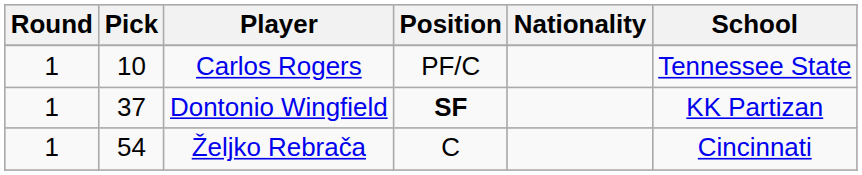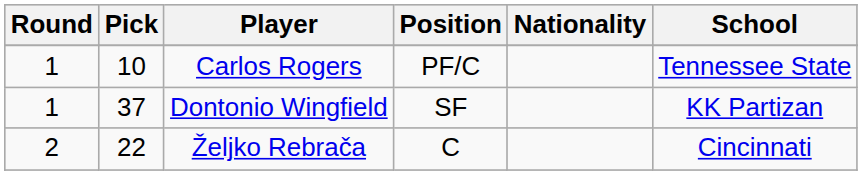 <table class="wikitable sortable sortable">
 <tr>
 <th>Round</th>
 <th>Pick</th>
 <th>Player</th>
 <th>Position</th>
 <th>Nationality</th>
 <th>School</th>
 </tr>
 <tr style="text-align: center">
 </tr>
 <tr style="text-align: center">
 <td>1</td>
 <td>10</td>
 <td><a href='#'>Carlos Rogers</a></td>
 <td>PF/C</td>
 <td></td>
 <td><a href='#'>Tennessee State</a></td>
 </tr>
 <tr style="text-align: center">
 <td>1</td>
 <td>37</td>
 <td><a href='#'>Dontonio Wingfield</a></td>
-<td><strong>SF</strong></td>
+<td>SF</td>
 <td></td>
 <td><a href='#'>KK Partizan</a></td>
 </tr>
 <tr style="text-align: center">
-<td>1</td>
-<td>54</td>
+<td>2</td>
+<td>22</td>
 <td><a href='#'>Željko Rebrača</a></td>
 <td>C</td>
 <td></td>
 <td><a href='#'>Cincinnati</a></td>
 </tr>
 </table>
